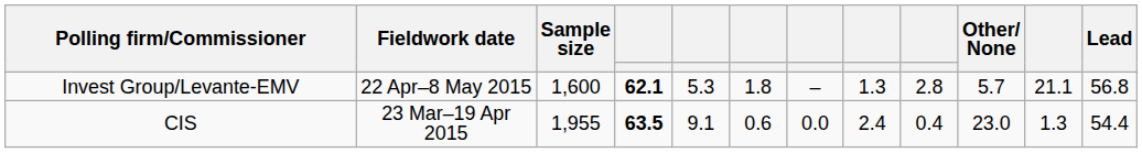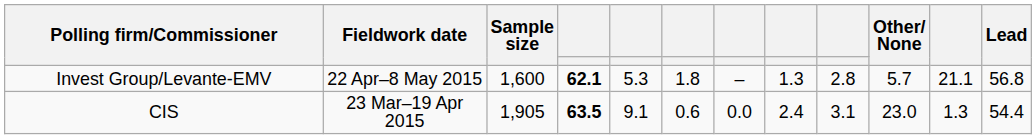 <table class="wikitable collapsible collapsed" style="text-align:center; font-size:90%; line-height:14px;">
 <tr style="height:42px;">
 <th style="width:250px;" rowspan="2">Polling firm/Commissioner</th>
 <th style="width:125px;" rowspan="2">Fieldwork date</th>
 <th style="width:50px;" rowspan="2">Sample size</th>
 <th style="width:35px;"></th>
 <th style="width:35px;"></th>
 <th style="width:35px;"></th>
 <th style="width:35px;"></th>
 <th style="width:35px;"></th>
 <th style="width:35px;"></th>
 <th style="width:35px;" rowspan="2">Other/<br>None</th>
 <th style="width:35px;" rowspan="2"></th>
 <th style="width:30px;" rowspan="2">Lead</th>
 </tr>
 <tr>
 <th style="color:inherit;background:"></th>
 <th style="color:inherit;background:"></th>
 <th style="color:inherit;background:"></th>
 <th style="color:inherit;background:"></th>
 <th style="color:inherit;background:"></th>
 <th style="color:inherit;background:"></th>
 </tr>
 <tr>
 <td>Invest Group/Levante-EMV</td>
 <td>22 Apr–8 May 2015</td>
 <td>1,600</td>
 <td><strong>62.1</strong></td>
 <td>5.3</td>
 <td>1.8</td>
 <td>–</td>
 <td>1.3</td>
 <td>2.8</td>
 <td>5.7</td>
 <td>21.1</td>
 <td style="background:">56.8</td>
 </tr>
 <tr>
 <td>CIS</td>
 <td>23 Mar–19 Apr 2015</td>
-<td>1,955</td>
+<td>1,905</td>
 <td><strong>63.5</strong></td>
 <td>9.1</td>
 <td>0.6</td>
 <td>0.0</td>
 <td>2.4</td>
-<td>0.4</td>
+<td>3.1</td>
 <td>23.0</td>
 <td>1.3</td>
 <td style="background:">54.4</td>
 </tr>
 </table>
